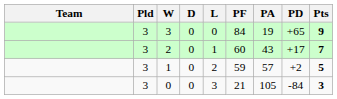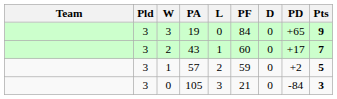 <table class="wikitable" style="text-align:center;">
 <tr>
 <th width=175>Team</th>
 <th width=25 abbr="Played">Pld</th>
 <th width=25 abbr="Won">W</th>
-<th width=25 abbr="Drawn">D</th>
+<th width=32 abbr="Points against">PA</th>
 <th width=25 abbr="Lost">L</th>
 <th width=32 abbr="Points for">PF</th>
-<th width=32 abbr="Points against">PA</th>
+<th width=25 abbr="Drawn">D</th>
 <th width=32 abbr="Points difference">PD</th>
 <th width=25 abbr="Points">Pts</th>
 </tr>
 <tr bgcolor=ccffcc>
 <td align=left></td>
 <td>3</td>
 <td>3</td>
-<td>0</td>
+<td>19</td>
 <td>0</td>
 <td>84</td>
-<td>19</td>
+<td>0</td>
 <td>+65</td>
 <td><strong>9</strong></td>
 </tr>
 <tr bgcolor=ccffcc>
 <td align=left></td>
 <td>3</td>
 <td>2</td>
-<td>0</td>
+<td>43</td>
 <td>1</td>
 <td>60</td>
-<td>43</td>
+<td>0</td>
 <td>+17</td>
 <td><strong>7</strong></td>
 </tr>
 <tr>
 <td align=left></td>
 <td>3</td>
 <td>1</td>
-<td>0</td>
+<td>57</td>
 <td>2</td>
 <td>59</td>
-<td>57</td>
+<td>0</td>
 <td>+2</td>
 <td><strong>5</strong></td>
 </tr>
 <tr>
 <td align=left></td>
 <td>3</td>
 <td>0</td>
-<td>0</td>
+<td>105</td>
 <td>3</td>
 <td>21</td>
-<td>105</td>
+<td>0</td>
 <td>-84</td>
 <td><strong>3</strong></td>
 </tr>
 </table>
